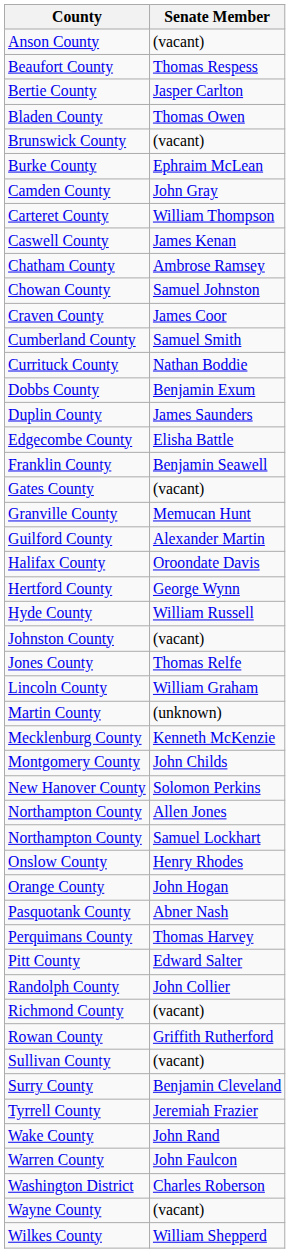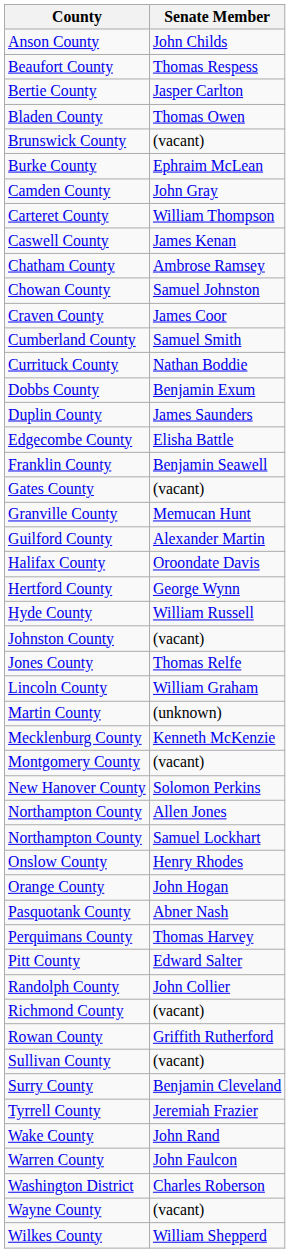 <table class="wikitable sortable mw-datatable">
 <tr>
 <th>County</th>
 <th>Senate Member</th>
 </tr>
 <tr>
 <td><a href='#'>Anson County</a></td>
-<td data-sort-value="(vacant)">(vacant)</td>
+<td data-sort-value="Childs, John"><a href='#'>John Childs</a></td>
 </tr>
 <tr>
 <td><a href='#'>Beaufort County</a></td>
 <td data-sort-value="Respess, Thomas"><a href='#'>Thomas Respess</a></td>
 </tr>
 <tr>
 <td><a href='#'>Bertie County</a></td>
 <td data-sort-value="Carlton, Jasper"><a href='#'>Jasper Carlton</a></td>
 </tr>
 <tr>
 <td><a href='#'>Bladen County</a></td>
 <td data-sort-value="Owen, Thomas"><a href='#'>Thomas Owen</a></td>
 </tr>
 <tr>
 <td><a href='#'>Brunswick County</a></td>
 <td data-sort-value="(vacant)">(vacant)</td>
 </tr>
 <tr>
 <td><a href='#'>Burke County</a></td>
 <td data-sort-value="McLean, Ephraim"><a href='#'>Ephraim McLean</a></td>
 </tr>
 <tr>
 <td><a href='#'>Camden County</a></td>
 <td data-sort-value="Gray, John"><a href='#'>John Gray</a></td>
 </tr>
 <tr>
 <td><a href='#'>Carteret County</a></td>
 <td data-sort-value="Thompson, William"><a href='#'>William Thompson</a></td>
 </tr>
 <tr>
 <td><a href='#'>Caswell County</a></td>
 <td data-sort-value="Kenan, James"><a href='#'>James Kenan</a></td>
 </tr>
 <tr>
 <td><a href='#'>Chatham County</a></td>
 <td data-sort-value="Ramsey, Ambrose"><a href='#'>Ambrose Ramsey</a></td>
 </tr>
 <tr>
 <td><a href='#'>Chowan County</a></td>
 <td data-sort-value="Johnston, Samuel"><a href='#'>Samuel Johnston</a></td>
 </tr>
 <tr>
 <td><a href='#'>Craven County</a></td>
 <td data-sort-value="Coor, James"><a href='#'>James Coor</a></td>
 </tr>
 <tr>
 <td><a href='#'>Cumberland County</a></td>
 <td data-sort-value="Smith, Samuel"><a href='#'>Samuel Smith</a></td>
 </tr>
 <tr>
 <td><a href='#'>Currituck County</a></td>
 <td data-sort-value="Boddie, Nathan"><a href='#'>Nathan Boddie</a></td>
 </tr>
 <tr>
 <td><a href='#'>Dobbs County</a></td>
 <td data-sort-value="Exum, Benjamin"><a href='#'>Benjamin Exum</a></td>
 </tr>
 <tr>
 <td><a href='#'>Duplin County</a></td>
 <td data-sort-value="Saunders, James"><a href='#'>James Saunders</a></td>
 </tr>
 <tr>
 <td><a href='#'>Edgecombe County</a></td>
 <td data-sort-value="Battle, Elisha"><a href='#'>Elisha Battle</a></td>
 </tr>
 <tr>
 <td><a href='#'>Franklin County</a></td>
 <td data-sort-value="Seawell, Benjamin"><a href='#'>Benjamin Seawell</a></td>
 </tr>
 <tr>
 <td><a href='#'>Gates County</a></td>
 <td data-sort-value="(vacant)">(vacant)</td>
 </tr>
 <tr>
 <td><a href='#'>Granville County</a></td>
 <td data-sort-value="Hunt, Memucan"><a href='#'>Memucan Hunt</a></td>
 </tr>
 <tr>
 <td><a href='#'>Guilford County</a></td>
 <td data-sort-value="Martin, Alexander"><a href='#'>Alexander Martin</a></td>
 </tr>
 <tr>
 <td><a href='#'>Halifax County</a></td>
 <td data-sort-value="Davis, Oroondate"><a href='#'>Oroondate Davis</a></td>
 </tr>
 <tr>
 <td><a href='#'>Hertford County</a></td>
 <td data-sort-value="Wynn, George"><a href='#'>George Wynn</a></td>
 </tr>
 <tr>
 <td><a href='#'>Hyde County</a></td>
 <td data-sort-value="Russell, William"><a href='#'>William Russell</a></td>
 </tr>
 <tr>
 <td><a href='#'>Johnston County</a></td>
 <td data-sort-value="(vacant)">(vacant)</td>
 </tr>
 <tr>
 <td><a href='#'>Jones County</a></td>
 <td data-sort-value="Relfe, Thomas"><a href='#'>Thomas Relfe</a></td>
 </tr>
 <tr>
 <td><a href='#'>Lincoln County</a></td>
 <td data-sort-value="Graham, William"><a href='#'>William Graham</a></td>
 </tr>
 <tr>
 <td><a href='#'>Martin County</a></td>
 <td data-sort-value="(unknown)">(unknown)</td>
 </tr>
 <tr>
 <td><a href='#'>Mecklenburg County</a></td>
 <td data-sort-value="McKenzie, Kenneth"><a href='#'>Kenneth McKenzie</a></td>
 </tr>
 <tr>
 <td><a href='#'>Montgomery County</a></td>
-<td data-sort-value="Childs, John"><a href='#'>John Childs</a></td>
+<td data-sort-value="(vacant)">(vacant)</td>
 </tr>
 <tr>
 <td><a href='#'>New Hanover County</a></td>
 <td data-sort-value="Perkins, Solomon"><a href='#'>Solomon Perkins</a></td>
 </tr>
 <tr>
 <td><a href='#'>Northampton County</a></td>
 <td data-sort-value="Jones, Allen"><a href='#'>Allen Jones</a></td>
 </tr>
 <tr>
 <td><a href='#'>Northampton County</a></td>
 <td data-sort-value="Lockhart, Samuel"><a href='#'>Samuel Lockhart</a></td>
 </tr>
 <tr>
 <td><a href='#'>Onslow County</a></td>
 <td data-sort-value="Rhodes, Henry"><a href='#'>Henry Rhodes</a></td>
 </tr>
 <tr>
 <td><a href='#'>Orange County</a></td>
 <td data-sort-value="Hogan, John"><a href='#'>John Hogan</a></td>
 </tr>
 <tr>
 <td><a href='#'>Pasquotank County</a></td>
 <td data-sort-value="Nash, Abner"><a href='#'>Abner Nash</a></td>
 </tr>
 <tr>
 <td><a href='#'>Perquimans County</a></td>
 <td data-sort-value="Harvey, Thomas"><a href='#'>Thomas Harvey</a></td>
 </tr>
 <tr>
 <td><a href='#'>Pitt County</a></td>
 <td data-sort-value="Salter, Edward"><a href='#'>Edward Salter</a></td>
 </tr>
 <tr>
 <td><a href='#'>Randolph County</a></td>
 <td data-sort-value="Collier, John"><a href='#'>John Collier</a></td>
 </tr>
 <tr>
 <td><a href='#'>Richmond County</a></td>
 <td data-sort-value="(vacant)">(vacant)</td>
 </tr>
 <tr>
 <td><a href='#'>Rowan County</a></td>
 <td data-sort-value="Rutherford, Griffith"><a href='#'>Griffith Rutherford</a></td>
 </tr>
 <tr>
 <td><a href='#'>Sullivan County</a></td>
 <td data-sort-value="(vacant)">(vacant)</td>
 </tr>
 <tr>
 <td><a href='#'>Surry County</a></td>
 <td data-sort-value="Cleveland, Benjamin"><a href='#'>Benjamin Cleveland</a></td>
 </tr>
 <tr>
 <td><a href='#'>Tyrrell County</a></td>
 <td data-sort-value="Frazier, Jeremiah"><a href='#'>Jeremiah Frazier</a></td>
 </tr>
 <tr>
 <td><a href='#'>Wake County</a></td>
 <td data-sort-value="Rand, John"><a href='#'>John Rand</a></td>
 </tr>
 <tr>
 <td><a href='#'>Warren County</a></td>
 <td data-sort-value="Faulcon, John"><a href='#'>John Faulcon</a></td>
 </tr>
 <tr>
 <td><a href='#'>Washington District</a></td>
 <td data-sort-value="Roberson, Charles"><a href='#'>Charles Roberson</a></td>
 </tr>
 <tr>
 <td><a href='#'>Wayne County</a></td>
 <td data-sort-value="(vacant)">(vacant)</td>
 </tr>
 <tr>
 <td><a href='#'>Wilkes County</a></td>
 <td data-sort-value="Shepperd, William"><a href='#'>William Shepperd</a></td>
 </tr>
 </table>
